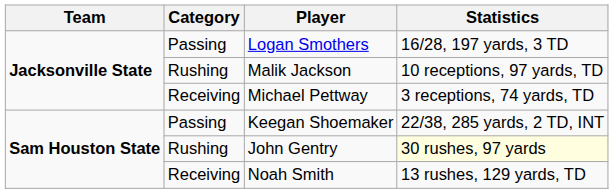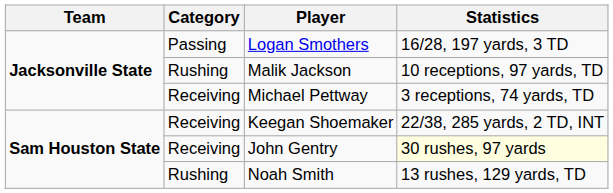 <table class="wikitable" style="float: right;">
 <tr>
 <th>Team</th>
 <th>Category</th>
 <th>Player</th>
 <th>Statistics</th>
 </tr>
 <tr>
 <td rowspan=3><strong>Jacksonville State</strong></td>
 <td>Passing</td>
 <td><a href='#'>Logan Smothers</a></td>
 <td>16/28, 197 yards, 3 TD</td>
 </tr>
 <tr>
 <td>Rushing</td>
 <td>Malik Jackson</td>
 <td>10 receptions, 97 yards, TD</td>
 </tr>
 <tr>
 <td>Receiving</td>
 <td>Michael Pettway</td>
 <td>3 receptions, 74 yards, TD</td>
 </tr>
 <tr>
 <td rowspan=3><strong>Sam Houston State</strong></td>
-<td>Passing</td>
+<td>Receiving</td>
 <td>Keegan Shoemaker</td>
 <td>22/38, 285 yards, 2 TD, INT</td>
 </tr>
 <tr>
-<td>Rushing</td>
+<td>Receiving</td>
 <td>John Gentry</td>
 <td style="background: lightyellow;">30 rushes, 97 yards</td>
 </tr>
 <tr>
-<td>Receiving</td>
+<td>Rushing</td>
 <td>Noah Smith</td>
 <td>13 rushes, 129 yards, TD</td>
 </tr>
 </table>
